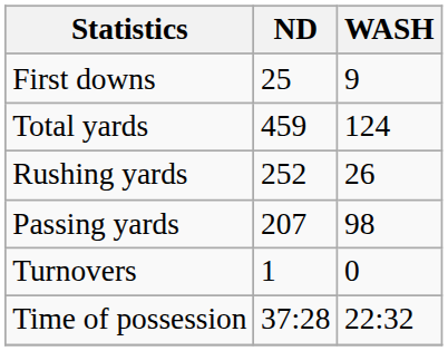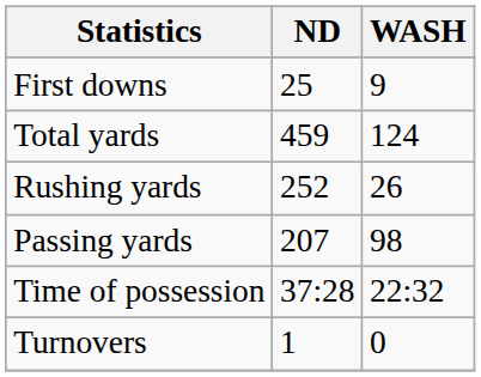 <table class="wikitable" style="float: left;">
 <tr>
 <th>Statistics</th>
 <th>ND</th>
 <th>WASH</th>
 </tr>
 <tr>
 <td>First downs</td>
 <td>25</td>
 <td>9</td>
 </tr>
 <tr>
 <td>Total yards</td>
 <td>459</td>
 <td>124</td>
 </tr>
 <tr>
 <td>Rushing yards</td>
 <td>252</td>
 <td>26</td>
 </tr>
 <tr>
 <td>Passing yards</td>
 <td>207</td>
 <td>98</td>
 </tr>
 <tr>
+<td>Time of possession</td>
+<td>37:28</td>
+<td>22:32</td>
+</tr>
+<tr>
 <td>Turnovers</td>
 <td>1</td>
 <td>0</td>
 </tr>
 <tr>
-<td>Time of possession</td>
-<td>37:28</td>
-<td>22:32</td>
-</tr>
-<tr>
 </tr>
 </table>
